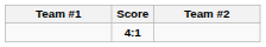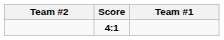 <table class="wikitable" style="text-align:center;">
 <tr>
+<th width=140>Team #2</th>
+<th width=50>Score</th>
 <th width=140>Team #1</th>
-<th width=50>Score</th>
-<th width=140>Team #2</th>
 </tr>
 <tr>
+<td style="text-align:left;"></td>
+<td><strong>4:1</strong></td>
 <td style="text-align:right;"></td>
-<td><strong>4:1</strong></td>
-<td style="text-align:left;"></td>
 </tr>
 </table>
